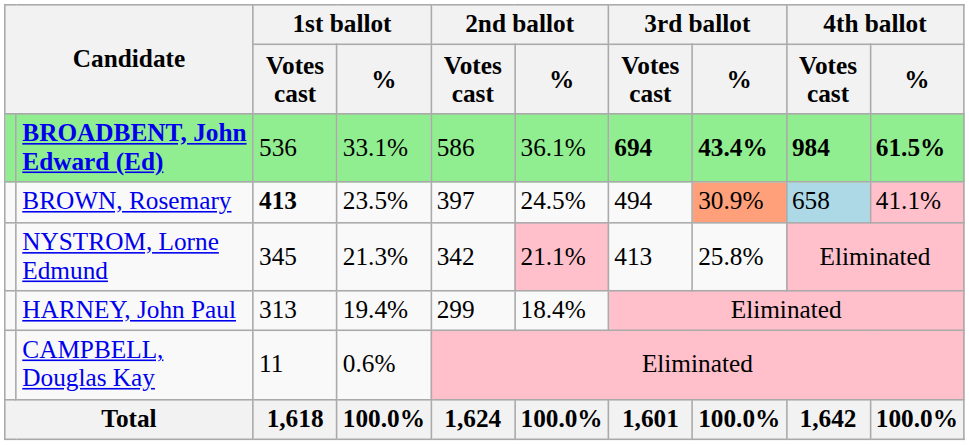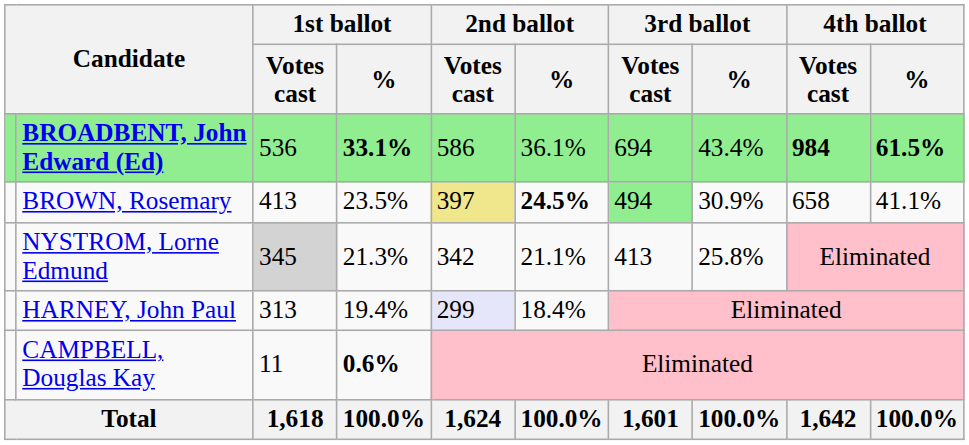 <table class="wikitable">
 <tr>
 <th rowspan="2" colspan="2">Candidate</th>
 <th colspan="2">1st ballot</th>
 <th colspan="2">2nd ballot</th>
 <th colspan="2">3rd ballot</th>
 <th colspan="2">4th ballot</th>
 </tr>
 <tr>
 <th>Votes cast</th>
 <th>%</th>
 <th>Votes cast</th>
 <th>%</th>
 <th>Votes cast</th>
 <th>%</th>
 <th>Votes cast</th>
 <th>%</th>
 </tr>
 <tr style="background:lightgreen;">
 <td></td>
 <td><strong><a href='#'>BROADBENT, John Edward (Ed)</a></strong></td>
 <td>536</td>
-<td>33.1%</td>
+<td><strong>33.1%</strong></td>
 <td>586</td>
 <td>36.1%</td>
-<td><strong>694</strong></td>
-<td><strong>43.4%</strong></td>
+<td>694</td>
+<td>43.4%</td>
 <td><strong>984</strong></td>
 <td><strong>61.5%</strong></td>
 </tr>
 <tr>
 <td></td>
 <td><a href='#'>BROWN, Rosemary</a></td>
-<td><strong>413</strong></td>
+<td>413</td>
 <td>23.5%</td>
-<td>397</td>
-<td>24.5%</td>
-<td>494</td>
-<td style="background: lightsalmon;">30.9%</td>
-<td style="background: lightblue;">658</td>
-<td style="background: pink;">41.1%</td>
+<td style="background: khaki;">397</td>
+<td><strong>24.5%</strong></td>
+<td style="background: lightgreen;">494</td>
+<td>30.9%</td>
+<td>658</td>
+<td>41.1%</td>
 </tr>
 <tr>
 <td></td>
 <td><a href='#'>NYSTROM, Lorne Edmund</a></td>
-<td>345</td>
+<td style="background: lightgrey;">345</td>
 <td>21.3%</td>
 <td>342</td>
-<td style="background: pink;">21.1%</td>
+<td>21.1%</td>
 <td>413</td>
 <td>25.8%</td>
 <td style="text-align:center; background:pink;" colspan="2">Eliminated</td>
 </tr>
 <tr>
 <td></td>
 <td><a href='#'>HARNEY, John Paul</a></td>
 <td>313</td>
 <td>19.4%</td>
-<td>299</td>
+<td style="background: lavender;">299</td>
 <td>18.4%</td>
 <td style="text-align:center; background:pink;" colspan="4">Eliminated</td>
 </tr>
 <tr>
 <td></td>
 <td><a href='#'>CAMPBELL, Douglas Kay</a></td>
 <td>11</td>
-<td>0.6%</td>
+<td><strong>0.6%</strong></td>
 <td style="text-align:center; background:pink;" colspan="6">Eliminated</td>
 </tr>
 <tr>
 <th colspan="2">Total</th>
 <th>1,618</th>
 <th>100.0%</th>
 <th>1,624</th>
 <th>100.0%</th>
 <th>1,601</th>
 <th>100.0%</th>
 <th>1,642</th>
 <th>100.0%</th>
 </tr>
 </table>
